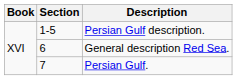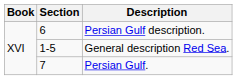 <table class="wikitable" style="max-width:45em;">
 <tr>
 <th>Book</th>
 <th>Section</th>
 <th>Description</th>
 </tr>
 <tr>
 <td rowspan="40">XVI</td>
-<td>1-5</td>
+<td>6</td>
 <td><a href='#'>Persian Gulf</a> description.</td>
 </tr>
 <tr>
-<td>6</td>
+<td>1-5</td>
 <td>General description <a href='#'>Red Sea</a>.</td>
 </tr>
 <tr>
 <td>7</td>
 <td><a href='#'>Persian Gulf</a>.</td>
 </tr>
 </table>
